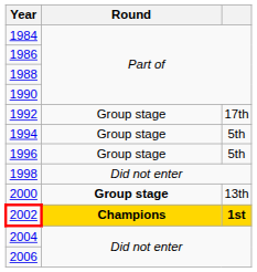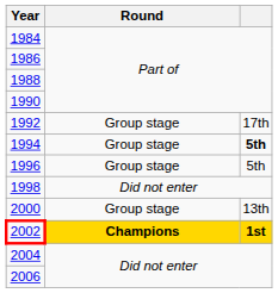 <table class="wikitable" style="text-align: center; font-size:90%">
 <tr>
 <th>Year</th>
 <th style="width:200px">Round</th>
 <th></th>
 </tr>
 <tr>
 <td><a href='#'>1984</a></td>
 <td colspan="2" rowspan="4"><em>Part of </em></td>
 </tr>
 <tr>
 <td><a href='#'>1986</a></td>
 </tr>
 <tr>
 <td><a href='#'>1988</a></td>
 </tr>
 <tr>
 <td><a href='#'>1990</a></td>
 </tr>
 <tr>
 <td><a href='#'>1992</a></td>
 <td>Group stage</td>
 <td>17th</td>
 </tr>
 <tr>
 <td><a href='#'>1994</a></td>
 <td>Group stage</td>
-<td>5th</td>
+<td><strong>5th</strong></td>
 </tr>
 <tr>
 <td><a href='#'>1996</a></td>
 <td>Group stage</td>
 <td>5th</td>
 </tr>
 <tr>
 <td><a href='#'>1998</a></td>
 <td colspan="2"><em>Did not enter</em></td>
 </tr>
 <tr>
 <td><a href='#'>2000</a></td>
-<td><strong>Group stage</strong></td>
+<td>Group stage</td>
 <td>13th</td>
 </tr>
 <tr>
 <td style="border: 3px solid red"><a href='#'>2002</a></td>
 <td bgcolor=Gold><strong>Champions</strong></td>
 <td bgcolor=Gold><strong>1st</strong></td>
 </tr>
 <tr>
 <td><a href='#'>2004</a></td>
 <td colspan="2" rowspan="2"><em>Did not enter</em></td>
 </tr>
 <tr>
 <td><a href='#'>2006</a></td>
 </tr>
 </table>
